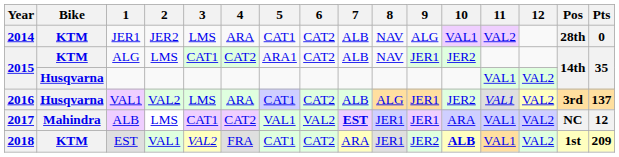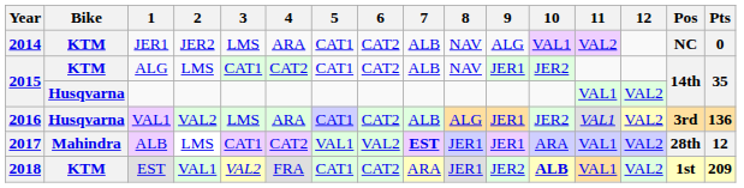 <table class="wikitable" style="text-align:center;">
 <tr>
 <th>Year</th>
 <th>Bike</th>
 <th>1</th>
 <th>2</th>
 <th>3</th>
 <th>4</th>
 <th>5</th>
 <th>6</th>
 <th>7</th>
 <th>8</th>
 <th>9</th>
 <th>10</th>
 <th>11</th>
 <th>12</th>
 <th>Pos</th>
 <th>Pts</th>
 </tr>
 <tr>
 <th><a href='#'>2014</a></th>
 <th><a href='#'>KTM</a></th>
 <td><a href='#'>JER1</a></td>
 <td><a href='#'>JER2</a></td>
 <td><a href='#'>LMS</a></td>
 <td><a href='#'>ARA</a></td>
 <td><a href='#'>CAT1</a></td>
 <td><a href='#'>CAT2</a></td>
 <td><a href='#'>ALB</a></td>
 <td><a href='#'>NAV</a></td>
 <td><a href='#'>ALG</a></td>
 <td style="background:#efcfff;"><a href='#'>VAL1</a><br></td>
 <td style="background:#efcfff;"><a href='#'>VAL2</a><br></td>
 <td></td>
-<th>28th</th>
+<th>NC</th>
 <th>0</th>
 </tr>
 <tr>
 <th rowspan="2"><a href='#'>2015</a></th>
 <th><a href='#'>KTM</a></th>
 <td><a href='#'>ALG</a></td>
 <td><a href='#'>LMS</a></td>
 <td style="background:#DFFFDF;"><a href='#'>CAT1</a><br></td>
 <td style="background:#DFFFDF;"><a href='#'>CAT2</a><br></td>
-<td><a href='#'>ARA1</a></td>
+<td><a href='#'>CAT1</a></td>
 <td><a href='#'>CAT2</a></td>
 <td><a href='#'>ALB</a></td>
 <td><a href='#'>NAV</a></td>
 <td style="background:#DFFFDF;"><a href='#'>JER1</a><br></td>
 <td style="background:#DFFFDF;"><a href='#'>JER2</a><br></td>
 <td></td>
 <td></td>
 <th rowspan="2">14th</th>
 <th rowspan="2">35</th>
 </tr>
 <tr>
 <th><a href='#'>Husqvarna</a></th>
 <td></td>
 <td></td>
 <td></td>
 <td></td>
 <td></td>
 <td></td>
 <td></td>
 <td></td>
 <td></td>
 <td></td>
 <td style="background:#DFFFDF;"><a href='#'>VAL1</a><br></td>
 <td style="background:#DFFFDF;"><a href='#'>VAL2</a><br></td>
 </tr>
 <tr>
 <th><a href='#'>2016</a></th>
 <th><a href='#'>Husqvarna</a></th>
 <td style="background:#efcfff;"><a href='#'>VAL1</a><br></td>
 <td style="background:#dfffdf;"><a href='#'>VAL2</a><br></td>
 <td style="background:#dfffdf;"><a href='#'>LMS</a><br></td>
 <td style="background:#dfffdf;"><a href='#'>ARA</a><br></td>
 <td style="background:#cfcfff;"><a href='#'>CAT1</a><br></td>
 <td style="background:#dfffdf;"><a href='#'>CAT2</a><br></td>
 <td style="background:#dfffdf;"><a href='#'>ALB</a><br></td>
 <td style="background:#ffdf9f;"><a href='#'>ALG</a><br></td>
 <td style="background:#ffdf9f;"><a href='#'>JER1</a><br></td>
 <td style="background:#dfffdf;"><a href='#'>JER2</a><br></td>
 <td style="background:#dfdfdf;"><em><a href='#'>VAL1</a></em><br></td>
 <td style="background:#ffffbf;"><a href='#'>VAL2</a><br></td>
 <th style="background:#ffdf9f;">3rd</th>
-<th style="background:#ffdf9f;">137</th>
+<th style="background:#ffdf9f;">136</th>
 </tr>
 <tr>
 <th><a href='#'>2017</a></th>
 <th><a href='#'>Mahindra</a></th>
 <td style="background:#efcfff;"><a href='#'>ALB</a><br></td>
 <td style="background:#ffffff;"><a href='#'>LMS</a><br></td>
 <td style="background:#efcfff;"><a href='#'>CAT1</a><br></td>
 <td style="background:#efcfff;"><a href='#'>CAT2</a><br></td>
 <td style="background:#dfffdf;"><a href='#'>VAL1</a><br></td>
 <td style="background:#dfffdf;"><a href='#'>VAL2</a><br></td>
 <td style="background:#efcfff;"><strong><a href='#'>EST</a></strong><br></td>
 <td style="background:#cfcfff;"><a href='#'>JER1</a><br></td>
 <td style="background:#efcfff;"><a href='#'>JER1</a><br></td>
 <td style="background:#cfcfff;"><a href='#'>ARA</a><br></td>
 <td style="background:#cfcfff;"><a href='#'>VAL1</a><br></td>
 <td style="background:#cfcfff;"><a href='#'>VAL2</a><br></td>
-<th>NC</th>
+<th>28th</th>
 <th>12</th>
 </tr>
 <tr>
 <th><a href='#'>2018</a></th>
 <th><a href='#'>KTM</a></th>
 <td style="background:#dfdfdf;"><a href='#'>EST</a><br></td>
 <td style="background:#dfffdf;"><a href='#'>VAL1</a><br></td>
 <td style="background:#ffffbf;"><em><a href='#'>VAL2</a></em><br></td>
 <td style="background:#dfdfdf;"><a href='#'>FRA</a><br></td>
 <td style="background:#dfffdf;"><a href='#'>CAT1</a><br></td>
 <td style="background:#dfffdf;"><a href='#'>CAT2</a><br></td>
 <td style="background:#ffffbf;"><a href='#'>ARA</a><br></td>
 <td style="background:#dfdfdf;"><a href='#'>JER1</a><br></td>
 <td style="background:#dfffdf;"><a href='#'>JER2</a><br></td>
 <td style="background:#ffffbf;"><strong><a href='#'>ALB</a></strong><br></td>
 <td style="background:#ffdf9f;"><a href='#'>VAL1</a><br></td>
 <td style="background:#dfffdf;"><a href='#'>VAL2</a><br></td>
 <th style="background:#ffffbf;">1st</th>
 <th style="background:#ffffbf;">209</th>
 </tr>
 </table>
